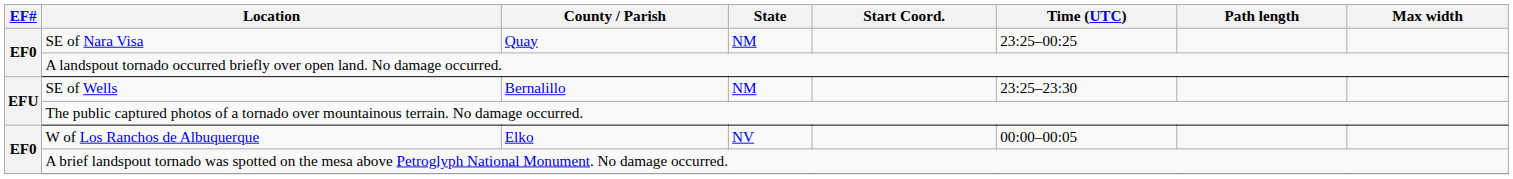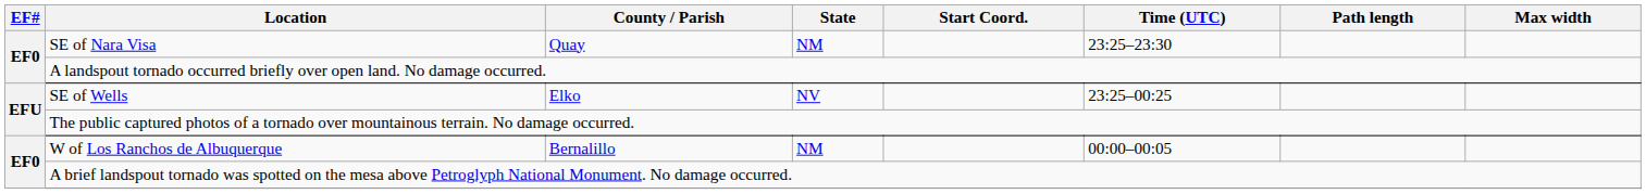 <table class="wikitable sortable" style="width:100%;">
 <tr>
 <th scope="col" width="2%" align="center"><a href='#'>EF#</a></th>
 <th scope="col" align="center" class="unsortable">Location</th>
 <th scope="col" align="center" class="unsortable">County / Parish</th>
 <th scope="col" align="center">State</th>
 <th scope="col" align="center">Start Coord.</th>
 <th scope="col" align="center">Time (<a href='#'>UTC</a>)</th>
 <th scope="col" align="center">Path length</th>
 <th scope="col" align="center">Max width</th>
 </tr>
 <tr>
 <th scope="row" rowspan="2" style="background-color:#">EF0</th>
 <td>SE of <a href='#'>Nara Visa</a></td>
 <td><a href='#'>Quay</a></td>
 <td><a href='#'>NM</a></td>
 <td></td>
-<td>23:25–00:25</td>
+<td>23:25–23:30</td>
 <td></td>
 <td></td>
 </tr>
 <tr class="expand-child">
 <td colspan="8" style=" border-bottom: 1px solid black;">A landspout tornado occurred briefly over open land. No damage occurred.</td>
 </tr>
 <tr>
 <th scope="row" rowspan="2" style="background-color:#">EFU</th>
 <td>SE of <a href='#'>Wells</a></td>
-<td><a href='#'>Bernalillo</a></td>
-<td><a href='#'>NM</a></td>
+<td><a href='#'>Elko</a></td>
+<td><a href='#'>NV</a></td>
 <td></td>
-<td>23:25–23:30</td>
+<td>23:25–00:25</td>
 <td></td>
 <td></td>
 </tr>
 <tr class="expand-child">
 <td colspan="8" style=" border-bottom: 1px solid black;">The public captured photos of a tornado over mountainous terrain. No damage occurred.</td>
 </tr>
 <tr>
 <th scope="row" rowspan="2" style="background-color:#">EF0</th>
 <td>W of <a href='#'>Los Ranchos de Albuquerque</a></td>
-<td><a href='#'>Elko</a></td>
-<td><a href='#'>NV</a></td>
+<td><a href='#'>Bernalillo</a></td>
+<td><a href='#'>NM</a></td>
 <td></td>
 <td>00:00–00:05</td>
 <td></td>
 <td></td>
 </tr>
 <tr class="expand-child">
 <td colspan="8" style=" border-bottom: 1px solid black;">A brief landspout tornado was spotted on the mesa above <a href='#'>Petroglyph National Monument</a>. No damage occurred.</td>
 </tr>
 <tr>
 </tr>
 </table>
